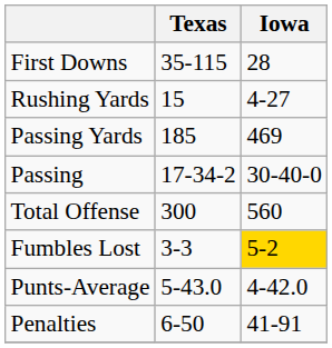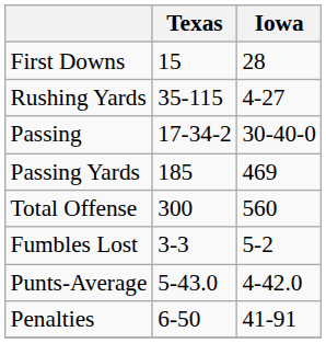 <table class="wikitable">
 <tr>
 <th></th>
 <th>Texas</th>
 <th>Iowa</th>
 </tr>
 <tr>
 <td>First Downs</td>
-<td>35-115</td>
+<td>15</td>
 <td>28</td>
 </tr>
 <tr>
 <td>Rushing Yards</td>
-<td>15</td>
+<td>35-115</td>
 <td>4-27</td>
+</tr>
+<tr>
+<td>Passing</td>
+<td>17-34-2</td>
+<td>30-40-0</td>
 </tr>
 <tr>
 <td>Passing Yards</td>
 <td>185</td>
 <td>469</td>
-</tr>
-<tr>
-<td>Passing</td>
-<td>17-34-2</td>
-<td>30-40-0</td>
 </tr>
 <tr>
 <td>Total Offense</td>
 <td>300</td>
 <td>560</td>
 </tr>
 <tr>
 <td>Fumbles Lost</td>
 <td>3-3</td>
-<td style="background: gold;">5-2</td>
+<td>5-2</td>
 </tr>
 <tr>
 <td>Punts-Average</td>
 <td>5-43.0</td>
 <td>4-42.0</td>
 </tr>
 <tr>
 <td>Penalties</td>
 <td>6-50</td>
 <td>41-91</td>
 </tr>
 <tr>
 </tr>
 </table>
